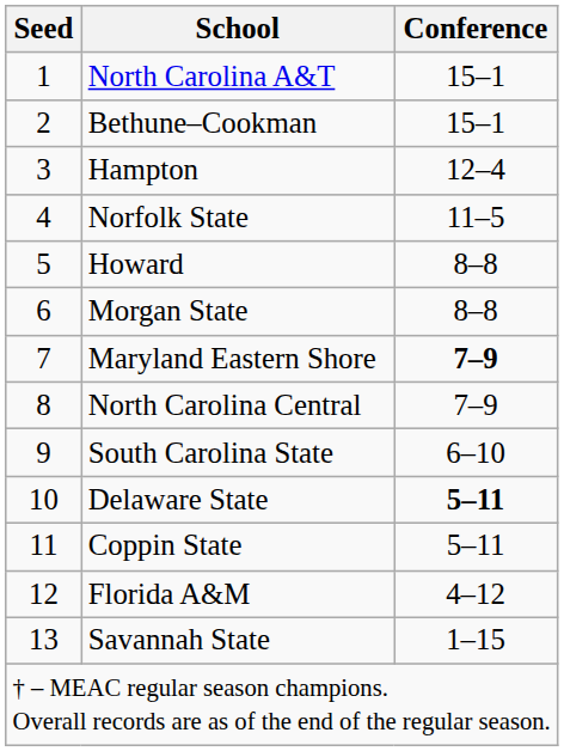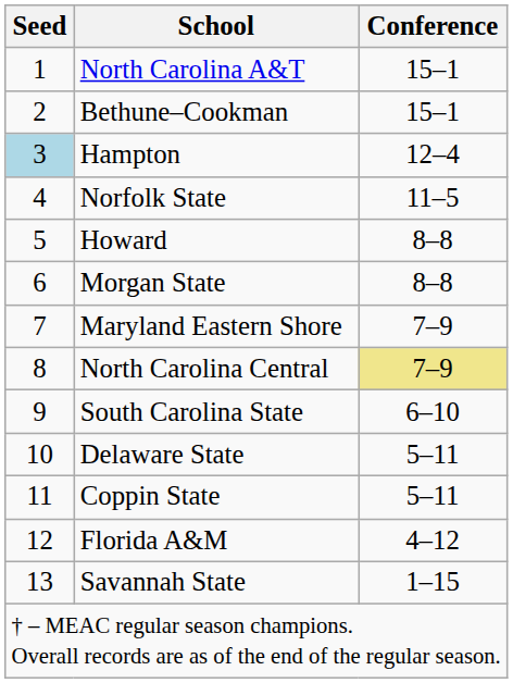 <table class="wikitable" style="text-align:center">
 <tr>
 <th>Seed</th>
 <th>School</th>
 <th>Conference</th>
 </tr>
 <tr>
 <td>1</td>
 <td align=left><a href='#'>North Carolina A&T</a></td>
 <td>15–1</td>
 </tr>
 <tr>
 <td>2</td>
 <td align=left>Bethune–Cookman</td>
 <td>15–1</td>
 </tr>
 <tr>
-<td>3</td>
+<td style="background: lightblue;">3</td>
 <td align=left>Hampton</td>
 <td>12–4</td>
 </tr>
 <tr>
 <td>4</td>
 <td align=left>Norfolk State</td>
 <td>11–5</td>
 </tr>
 <tr>
 <td>5</td>
 <td align=left>Howard</td>
 <td>8–8</td>
 </tr>
 <tr>
 <td>6</td>
 <td align=left>Morgan State</td>
 <td>8–8</td>
 </tr>
 <tr>
 <td>7</td>
 <td align=left>Maryland Eastern Shore</td>
-<td><strong>7–9</strong></td>
+<td>7–9</td>
 </tr>
 <tr>
 <td>8</td>
 <td align=left>North Carolina Central</td>
-<td>7–9</td>
+<td style="background: khaki;">7–9</td>
 </tr>
 <tr>
 <td>9</td>
 <td align=left>South Carolina State</td>
 <td>6–10</td>
 </tr>
 <tr>
 <td>10</td>
 <td align=left>Delaware State</td>
-<td><strong>5–11</strong></td>
+<td>5–11</td>
 </tr>
 <tr>
 <td>11</td>
 <td align=left>Coppin State</td>
 <td>5–11</td>
 </tr>
 <tr>
 <td>12</td>
 <td align=left>Florida A&M</td>
 <td>4–12</td>
 </tr>
 <tr>
 <td>13</td>
 <td align=left>Savannah State</td>
 <td>1–15</td>
 </tr>
 <tr>
 <td colspan="5" align="left"><small>† – MEAC regular season champions.<br>Overall records are as of the end of the regular season.</small></td>
 </tr>
 </table>
